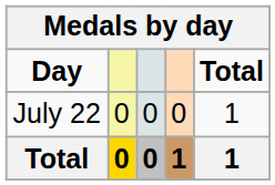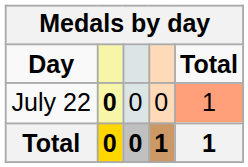 <table class="wikitable" style="font-size:85%; float:right">
 <tr align=center>
 <th colspan=7><strong>Medals by day</strong></th>
 </tr>
 <tr align=center>
 <td><strong>Day</strong></td>
 <td style="background:#f7f6a8;"></td>
 <td style="background:#dce5e5;"></td>
 <td style="background:#ffdab9;"></td>
 <td><strong>Total</strong></td>
 </tr>
 <tr align=center>
 <td>July 22</td>
-<td style="background:#f7f6a8;">0</td>
+<td style="background:#f7f6a8;"><strong>0</strong></td>
 <td style="background:#dce5e5;">0</td>
 <td style="background:#ffdab9;">0</td>
-<td>1</td>
+<td style="background: lightsalmon;">1</td>
 </tr>
 <tr align=center>
 <th><strong>Total</strong></th>
 <th style="background:gold;"><strong>0</strong></th>
 <th style="background:silver;"><strong>0</strong></th>
 <th style="background:#c96;"><strong>1</strong></th>
 <th><strong>1</strong></th>
 </tr>
 </table>
